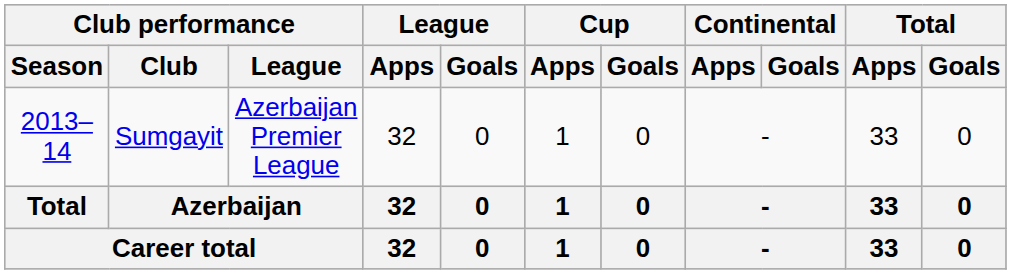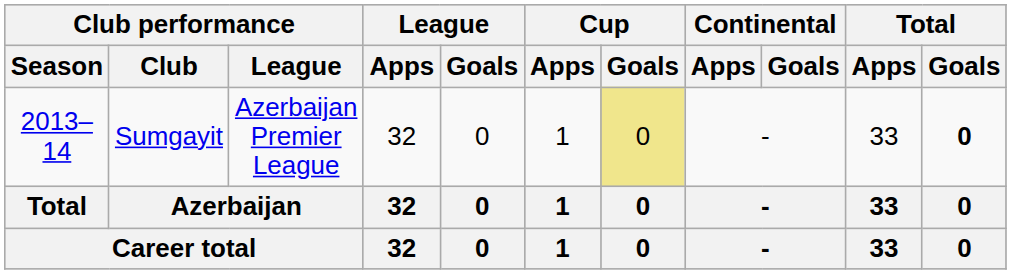 <table class="wikitable" style="text-align:center">
 <tr>
 <th colspan=3>Club performance</th>
 <th colspan=2>League</th>
 <th colspan=2>Cup</th>
 <th colspan=2>Continental</th>
 <th colspan=2>Total</th>
 </tr>
 <tr>
 <th>Season</th>
 <th>Club</th>
 <th>League</th>
 <th>Apps</th>
 <th>Goals</th>
 <th>Apps</th>
 <th>Goals</th>
 <th>Apps</th>
 <th>Goals</th>
 <th>Apps</th>
 <th>Goals</th>
 </tr>
 <tr>
 <td><a href='#'>2013–14</a></td>
 <td><a href='#'>Sumgayit</a></td>
 <td><a href='#'>Azerbaijan Premier League</a></td>
 <td>32</td>
 <td>0</td>
 <td>1</td>
-<td>0</td>
+<td style="background: khaki;">0</td>
 <td colspan="2">-</td>
 <td>33</td>
-<td>0</td>
+<td><strong>0</strong></td>
 </tr>
 <tr>
 <th rowspan=1>Total</th>
 <th colspan=2>Azerbaijan</th>
 <th>32</th>
 <th>0</th>
 <th>1</th>
 <th>0</th>
 <th colspan="2">-</th>
 <th>33</th>
 <th>0</th>
 </tr>
 <tr>
 <th colspan=3>Career total</th>
 <th>32</th>
 <th>0</th>
 <th>1</th>
 <th>0</th>
 <th colspan="2">-</th>
 <th>33</th>
 <th>0</th>
 </tr>
 </table>
